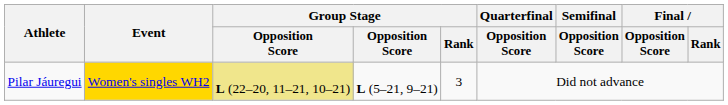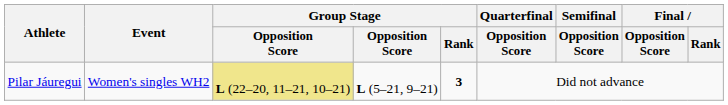 <table class="wikitable" style="font-size:90%; text-align:center">
 <tr>
 <th rowspan="2">Athlete</th>
 <th rowspan="2">Event</th>
 <th colspan="3">Group Stage</th>
 <th>Quarterfinal</th>
 <th>Semifinal</th>
 <th colspan="2">Final / </th>
 </tr>
 <tr style="font-size:95%">
 <th>Opposition<br>Score</th>
 <th>Opposition<br>Score</th>
 <th>Rank</th>
 <th>Opposition<br>Score</th>
 <th>Opposition<br>Score</th>
 <th>Opposition<br>Score</th>
 <th>Rank</th>
 </tr>
 <tr>
 <td align="left"><a href='#'>Pilar Jáuregui</a></td>
-<td align="left" style="background: gold;"><a href='#'>Women's singles WH2</a></td>
+<td align="left"><a href='#'>Women's singles WH2</a></td>
 <td style="background: khaki;"><br><strong>L</strong> (22–20, 11–21, 10–21)</td>
 <td><br><strong>L</strong> (5–21, 9–21)</td>
-<td>3</td>
+<td><strong>3</strong></td>
 <td colspan="4">Did not advance</td>
 </tr>
 </table>
